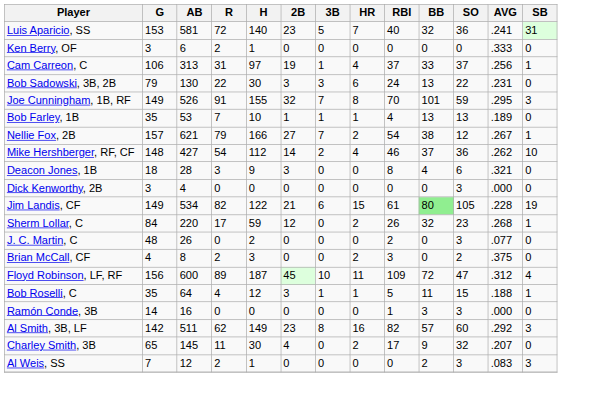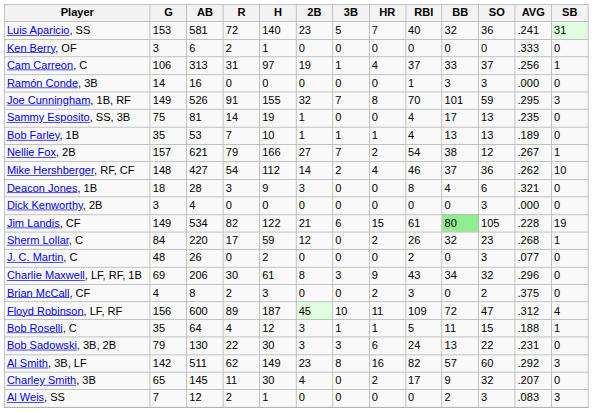 <table class="wikitable sortable">
 <tr>
 <th style="width:24%;">Player</th>
 <th style="width:6%;">G</th>
 <th style="width:6%;">AB</th>
 <th style="width:6%;">R</th>
 <th style="width:6%;">H</th>
 <th style="width:6%;">2B</th>
 <th style="width:6%;">3B</th>
 <th style="width:6%;">HR</th>
 <th style="width:6%;">RBI</th>
 <th style="width:6%;">BB</th>
 <th style="width:6%;">SO</th>
 <th style="width:6%;">AVG</th>
 <th style="width:6%;">SB</th>
 </tr>
 <tr>
 <td><a href='#'>Luis Aparicio</a>, SS</td>
 <td>153</td>
 <td>581</td>
 <td>72</td>
 <td>140</td>
 <td>23</td>
 <td>5</td>
 <td>7</td>
 <td>40</td>
 <td>32</td>
 <td>36</td>
 <td>.241</td>
 <td style="background:#DDFFDD;">31</td>
 </tr>
 <tr>
 <td><a href='#'>Ken Berry</a>, OF</td>
 <td>3</td>
 <td>6</td>
 <td>2</td>
 <td>1</td>
 <td>0</td>
 <td>0</td>
 <td>0</td>
 <td>0</td>
 <td>0</td>
 <td>0</td>
 <td>.333</td>
 <td>0</td>
 </tr>
 <tr>
 <td><a href='#'>Cam Carreon</a>, C</td>
 <td>106</td>
 <td>313</td>
 <td>31</td>
 <td>97</td>
 <td>19</td>
 <td>1</td>
 <td>4</td>
 <td>37</td>
 <td>33</td>
 <td>37</td>
 <td>.256</td>
 <td>1</td>
 </tr>
 <tr>
-<td><a href='#'>Bob Sadowski</a>, 3B, 2B</td>
-<td>79</td>
-<td>130</td>
-<td>22</td>
-<td>30</td>
+<td><a href='#'>Ramón Conde</a>, 3B</td>
+<td>14</td>
+<td>16</td>
+<td>0</td>
+<td>0</td>
+<td>0</td>
+<td>0</td>
+<td>0</td>
+<td>1</td>
 <td>3</td>
 <td>3</td>
-<td>6</td>
-<td>24</td>
-<td>13</td>
-<td>22</td>
-<td>.231</td>
+<td>.000</td>
 <td>0</td>
 </tr>
 <tr>
 <td><a href='#'>Joe Cunningham</a>, 1B, RF</td>
 <td>149</td>
 <td>526</td>
 <td>91</td>
 <td>155</td>
 <td>32</td>
 <td>7</td>
 <td>8</td>
 <td>70</td>
 <td>101</td>
 <td>59</td>
 <td>.295</td>
 <td>3</td>
+</tr>
+<tr>
+<td><a href='#'>Sammy Esposito</a>, SS, 3B</td>
+<td>75</td>
+<td>81</td>
+<td>14</td>
+<td>19</td>
+<td>1</td>
+<td>0</td>
+<td>0</td>
+<td>4</td>
+<td>17</td>
+<td>13</td>
+<td>.235</td>
+<td>0</td>
 </tr>
 <tr>
 <td><a href='#'>Bob Farley</a>, 1B</td>
 <td>35</td>
 <td>53</td>
 <td>7</td>
 <td>10</td>
 <td>1</td>
 <td>1</td>
 <td>1</td>
 <td>4</td>
 <td>13</td>
 <td>13</td>
 <td>.189</td>
 <td>0</td>
 </tr>
 <tr>
 <td><a href='#'>Nellie Fox</a>, 2B</td>
 <td>157</td>
 <td>621</td>
 <td>79</td>
 <td>166</td>
 <td>27</td>
 <td>7</td>
 <td>2</td>
 <td>54</td>
 <td>38</td>
 <td>12</td>
 <td>.267</td>
 <td>1</td>
 </tr>
 <tr>
 <td><a href='#'>Mike Hershberger</a>, RF, CF</td>
 <td>148</td>
 <td>427</td>
 <td>54</td>
 <td>112</td>
 <td>14</td>
 <td>2</td>
 <td>4</td>
 <td>46</td>
 <td>37</td>
 <td>36</td>
 <td>.262</td>
 <td>10</td>
 </tr>
 <tr>
 <td><a href='#'>Deacon Jones</a>, 1B</td>
 <td>18</td>
 <td>28</td>
 <td>3</td>
 <td>9</td>
 <td>3</td>
 <td>0</td>
 <td>0</td>
 <td>8</td>
 <td>4</td>
 <td>6</td>
 <td>.321</td>
 <td>0</td>
 </tr>
 <tr>
 <td><a href='#'>Dick Kenworthy</a>, 2B</td>
 <td>3</td>
 <td>4</td>
 <td>0</td>
 <td>0</td>
 <td>0</td>
 <td>0</td>
 <td>0</td>
 <td>0</td>
 <td>0</td>
 <td>3</td>
 <td>.000</td>
 <td>0</td>
 </tr>
 <tr>
 <td><a href='#'>Jim Landis</a>, CF</td>
 <td>149</td>
 <td>534</td>
 <td>82</td>
 <td>122</td>
 <td>21</td>
 <td>6</td>
 <td>15</td>
 <td>61</td>
 <td style="background: lightgreen;">80</td>
 <td>105</td>
 <td>.228</td>
 <td>19</td>
 </tr>
 <tr>
 <td><a href='#'>Sherm Lollar</a>, C</td>
 <td>84</td>
 <td>220</td>
 <td>17</td>
 <td>59</td>
 <td>12</td>
 <td>0</td>
 <td>2</td>
 <td>26</td>
 <td>32</td>
 <td>23</td>
 <td>.268</td>
 <td>1</td>
 </tr>
 <tr>
 <td><a href='#'>J. C. Martin</a>, C</td>
 <td>48</td>
 <td>26</td>
 <td>0</td>
 <td>2</td>
 <td>0</td>
 <td>0</td>
 <td>0</td>
 <td>2</td>
 <td>0</td>
 <td>3</td>
 <td>.077</td>
 <td>0</td>
 </tr>
 <tr>
+<td><a href='#'>Charlie Maxwell</a>, LF, RF, 1B</td>
+<td>69</td>
+<td>206</td>
+<td>30</td>
+<td>61</td>
+<td>8</td>
+<td>3</td>
+<td>9</td>
+<td>43</td>
+<td>34</td>
+<td>32</td>
+<td>.296</td>
+<td>0</td>
+</tr>
+<tr>
 <td><a href='#'>Brian McCall</a>, CF</td>
 <td>4</td>
 <td>8</td>
 <td>2</td>
 <td>3</td>
 <td>0</td>
 <td>0</td>
 <td>2</td>
 <td>3</td>
 <td>0</td>
 <td>2</td>
 <td>.375</td>
 <td>0</td>
 </tr>
 <tr>
 <td><a href='#'>Floyd Robinson</a>, LF, RF</td>
 <td>156</td>
 <td>600</td>
 <td>89</td>
 <td>187</td>
 <td style="background:#DDFFDD;">45</td>
 <td>10</td>
 <td>11</td>
 <td>109</td>
 <td>72</td>
 <td>47</td>
 <td>.312</td>
 <td>4</td>
 </tr>
 <tr>
 <td><a href='#'>Bob Roselli</a>, C</td>
 <td>35</td>
 <td>64</td>
 <td>4</td>
 <td>12</td>
 <td>3</td>
 <td>1</td>
 <td>1</td>
 <td>5</td>
 <td>11</td>
 <td>15</td>
 <td>.188</td>
 <td>1</td>
 </tr>
 <tr>
-<td><a href='#'>Ramón Conde</a>, 3B</td>
-<td>14</td>
-<td>16</td>
-<td>0</td>
-<td>0</td>
-<td>0</td>
-<td>0</td>
-<td>0</td>
-<td>1</td>
+<td><a href='#'>Bob Sadowski</a>, 3B, 2B</td>
+<td>79</td>
+<td>130</td>
+<td>22</td>
+<td>30</td>
 <td>3</td>
 <td>3</td>
-<td>.000</td>
+<td>6</td>
+<td>24</td>
+<td>13</td>
+<td>22</td>
+<td>.231</td>
 <td>0</td>
 </tr>
 <tr>
 <td><a href='#'>Al Smith</a>, 3B, LF</td>
 <td>142</td>
 <td>511</td>
 <td>62</td>
 <td>149</td>
 <td>23</td>
 <td>8</td>
 <td>16</td>
 <td>82</td>
 <td>57</td>
 <td>60</td>
 <td>.292</td>
 <td>3</td>
 </tr>
 <tr>
 <td><a href='#'>Charley Smith</a>, 3B</td>
 <td>65</td>
 <td>145</td>
 <td>11</td>
 <td>30</td>
 <td>4</td>
 <td>0</td>
 <td>2</td>
 <td>17</td>
 <td>9</td>
 <td>32</td>
 <td>.207</td>
 <td>0</td>
 </tr>
 <tr>
 <td><a href='#'>Al Weis</a>, SS</td>
 <td>7</td>
 <td>12</td>
 <td>2</td>
 <td>1</td>
 <td>0</td>
 <td>0</td>
 <td>0</td>
 <td>0</td>
 <td>2</td>
 <td>3</td>
 <td>.083</td>
 <td>3</td>
 </tr>
 <tr>
 </tr>
 </table>
